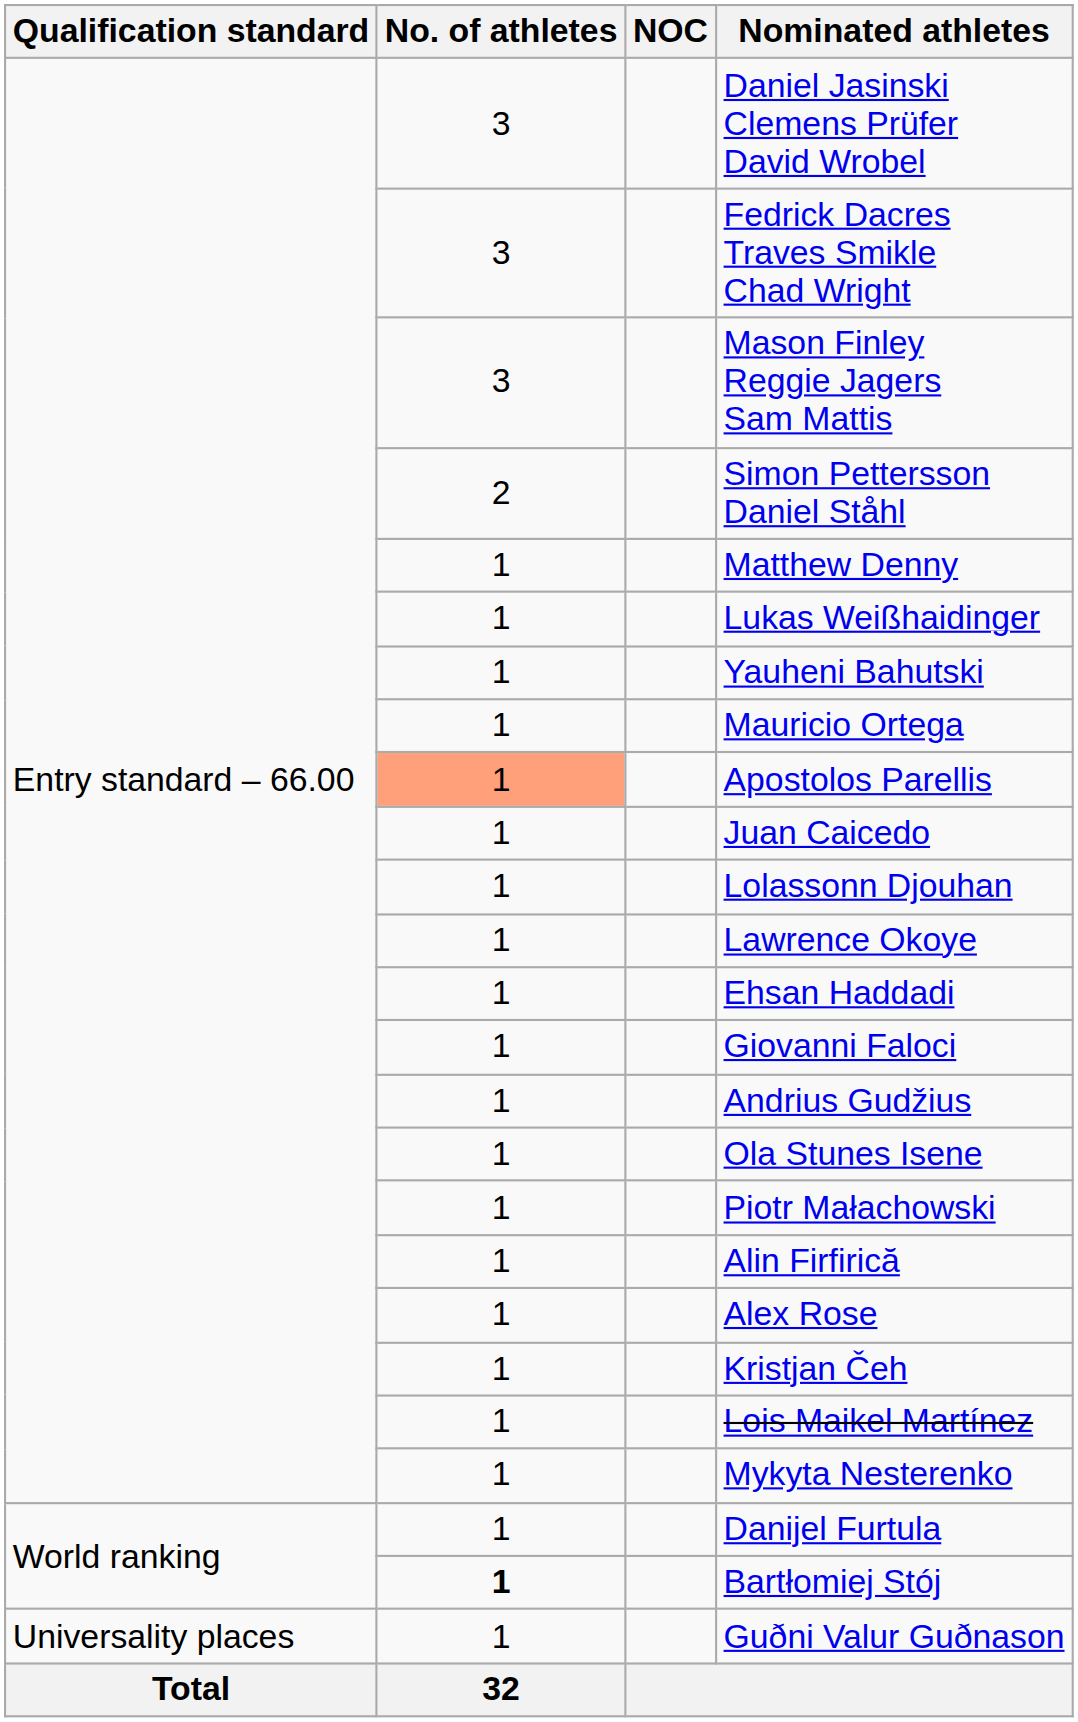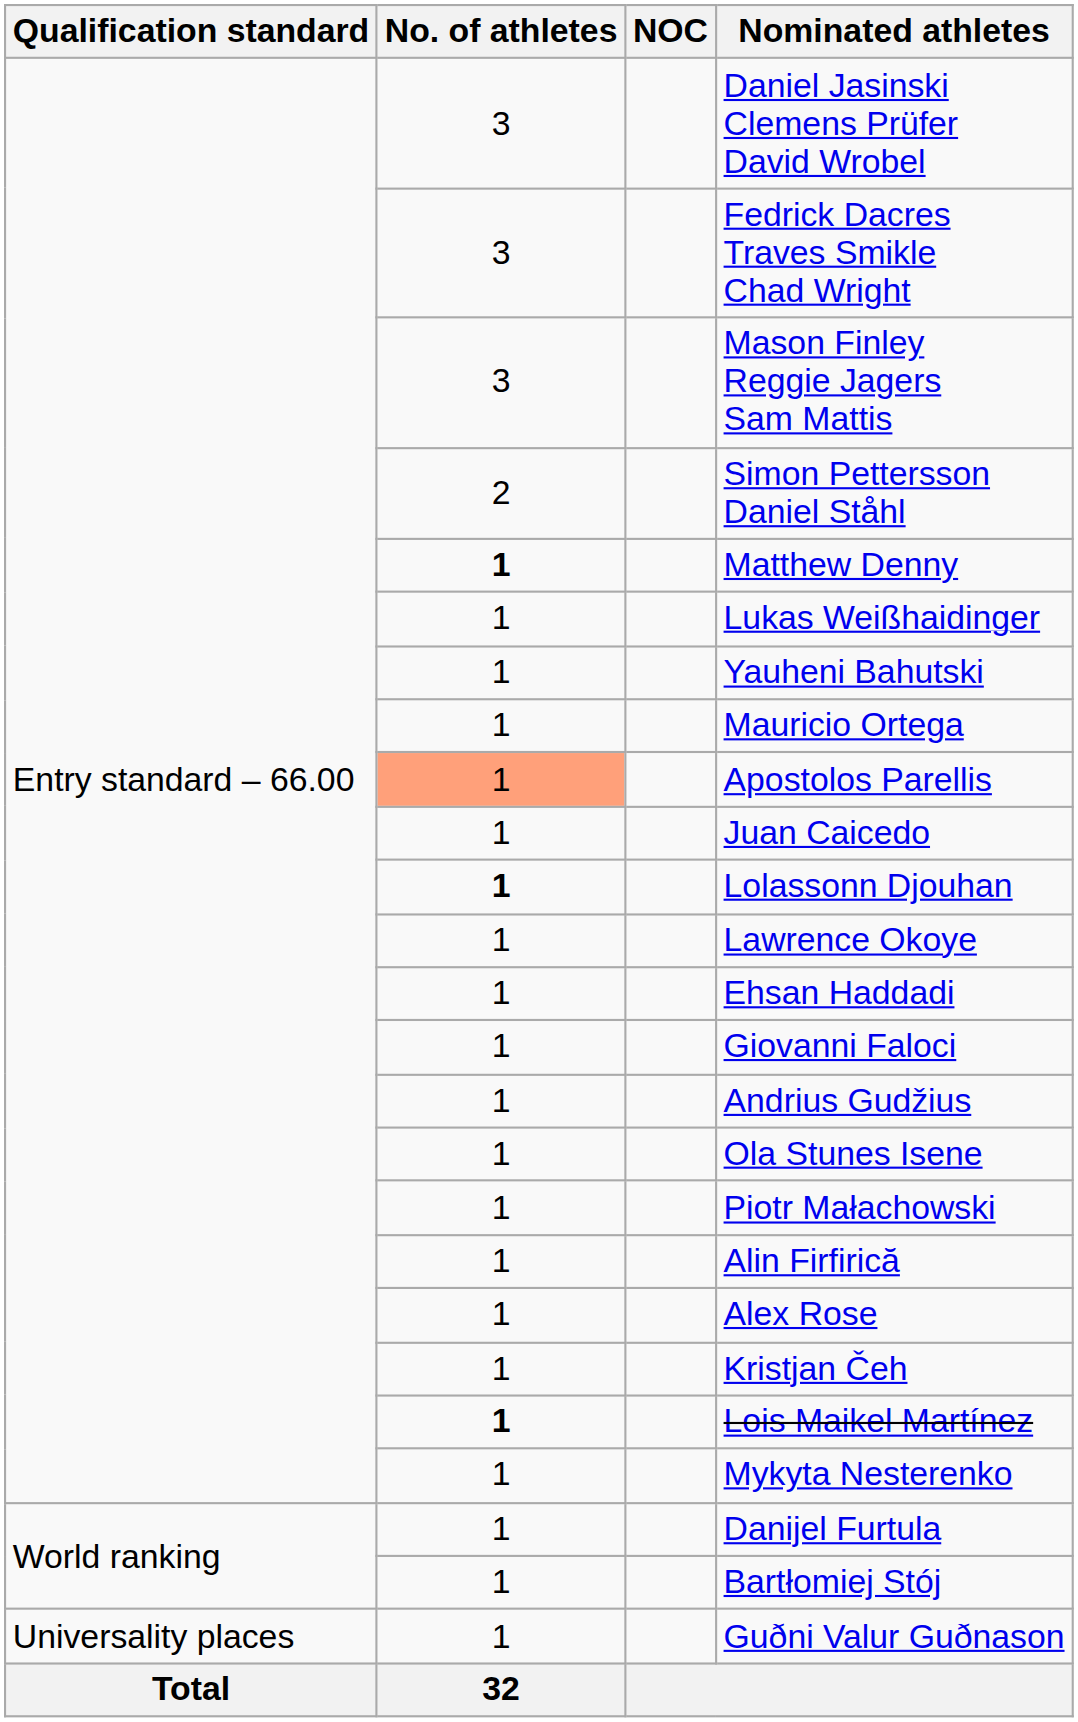 <table class="wikitable" style="text-align:left;">
 <tr>
 <th>Qualification standard</th>
 <th>No. of athletes</th>
 <th>NOC</th>
 <th>Nominated athletes</th>
 </tr>
 <tr>
 <td rowspan=22>Entry standard – 66.00</td>
 <td align=center>3</td>
 <td></td>
 <td><a href='#'>Daniel Jasinski</a><br><a href='#'>Clemens Prüfer</a><br><a href='#'>David Wrobel</a></td>
 </tr>
 <tr>
 <td align=center>3</td>
 <td></td>
 <td><a href='#'>Fedrick Dacres</a><br><a href='#'>Traves Smikle</a><br><a href='#'>Chad Wright</a></td>
 </tr>
 <tr>
 <td align=center>3</td>
 <td></td>
 <td><a href='#'>Mason Finley</a><br><a href='#'>Reggie Jagers</a><br><a href='#'>Sam Mattis</a></td>
 </tr>
 <tr>
 <td align=center>2</td>
 <td></td>
 <td><a href='#'>Simon Pettersson</a><br><a href='#'>Daniel Ståhl</a></td>
 </tr>
 <tr>
-<td align=center>1</td>
+<td align=center><strong>1</strong></td>
 <td></td>
 <td><a href='#'>Matthew Denny</a></td>
 </tr>
 <tr>
 <td align=center>1</td>
 <td></td>
 <td><a href='#'>Lukas Weißhaidinger</a></td>
 </tr>
 <tr>
 <td align=center>1</td>
 <td></td>
 <td><a href='#'>Yauheni Bahutski</a></td>
 </tr>
 <tr>
 <td align=center>1</td>
 <td></td>
 <td><a href='#'>Mauricio Ortega</a></td>
 </tr>
 <tr>
 <td align=center style="background: lightsalmon;">1</td>
 <td></td>
 <td><a href='#'>Apostolos Parellis</a></td>
 </tr>
 <tr>
 <td align=center>1</td>
 <td></td>
 <td><a href='#'>Juan Caicedo</a></td>
 </tr>
 <tr>
-<td align=center>1</td>
+<td align=center><strong>1</strong></td>
 <td></td>
 <td><a href='#'>Lolassonn Djouhan</a></td>
 </tr>
 <tr>
 <td align=center>1</td>
 <td></td>
 <td><a href='#'>Lawrence Okoye</a></td>
 </tr>
 <tr>
 <td align=center>1</td>
 <td></td>
 <td><a href='#'>Ehsan Haddadi</a></td>
 </tr>
 <tr>
 <td align=center>1</td>
 <td></td>
 <td><a href='#'>Giovanni Faloci</a></td>
 </tr>
 <tr>
 <td align=center>1</td>
 <td></td>
 <td><a href='#'>Andrius Gudžius</a></td>
 </tr>
 <tr>
 <td align=center>1</td>
 <td></td>
 <td><a href='#'>Ola Stunes Isene</a></td>
 </tr>
 <tr>
 <td align=center>1</td>
 <td></td>
 <td><a href='#'>Piotr Małachowski</a></td>
 </tr>
 <tr>
 <td align=center>1</td>
 <td></td>
 <td><a href='#'>Alin Firfirică</a></td>
 </tr>
 <tr>
 <td align=center>1</td>
 <td></td>
 <td><a href='#'>Alex Rose</a></td>
 </tr>
 <tr>
 <td align=center>1</td>
 <td></td>
 <td><a href='#'>Kristjan Čeh</a></td>
 </tr>
 <tr>
-<td align=center>1</td>
+<td align=center><strong>1</strong></td>
 <td></td>
 <td><s><a href='#'>Lois Maikel Martínez</a></s></td>
 </tr>
 <tr>
 <td align=center>1</td>
 <td></td>
 <td><a href='#'>Mykyta Nesterenko</a></td>
 </tr>
 <tr>
 <td rowspan=2>World ranking</td>
 <td align=center>1</td>
 <td></td>
 <td><a href='#'>Danijel Furtula</a></td>
 </tr>
 <tr>
-<td align=center><strong>1</strong></td>
+<td align=center>1</td>
 <td></td>
 <td><a href='#'>Bartłomiej Stój</a></td>
 </tr>
 <tr>
 <td>Universality places</td>
 <td align=center>1</td>
 <td></td>
 <td><a href='#'>Guðni Valur Guðnason</a></td>
 </tr>
 <tr>
 <th>Total</th>
 <th>32</th>
 <th colspan=2></th>
 </tr>
 </table>
